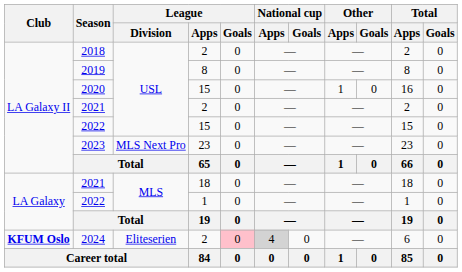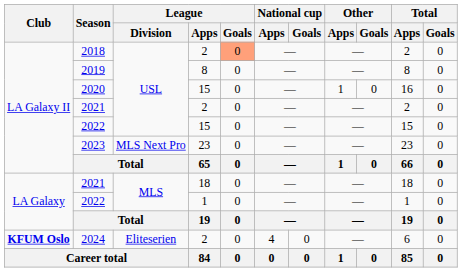 <table class="wikitable" style="text-align: center;">
 <tr>
 <th rowspan=2>Club</th>
 <th rowspan=2>Season</th>
 <th colspan=3>League</th>
 <th colspan=2>National cup</th>
 <th colspan=2>Other</th>
 <th colspan=2>Total</th>
 </tr>
 <tr>
 <th>Division</th>
 <th>Apps</th>
 <th>Goals</th>
 <th>Apps</th>
 <th>Goals</th>
 <th>Apps</th>
 <th>Goals</th>
 <th>Apps</th>
 <th>Goals</th>
 </tr>
 <tr>
 <td rowspan=7><a href='#'>LA Galaxy II</a></td>
 <td><a href='#'>2018</a></td>
 <td rowspan=5><a href='#'>USL</a></td>
 <td>2</td>
-<td>0</td>
+<td style="background: lightsalmon;">0</td>
 <td colspan=2>—</td>
 <td colspan=2>—</td>
 <td>2</td>
 <td>0</td>
 </tr>
 <tr>
 <td><a href='#'>2019</a></td>
 <td>8</td>
 <td>0</td>
 <td colspan=2>—</td>
 <td colspan=2>—</td>
 <td>8</td>
 <td>0</td>
 </tr>
 <tr>
 <td><a href='#'>2020</a></td>
 <td>15</td>
 <td>0</td>
 <td colspan=2>—</td>
 <td>1</td>
 <td>0</td>
 <td>16</td>
 <td>0</td>
 </tr>
 <tr>
 <td><a href='#'>2021</a></td>
 <td>2</td>
 <td>0</td>
 <td colspan=2>—</td>
 <td colspan=2>—</td>
 <td>2</td>
 <td>0</td>
 </tr>
 <tr>
 <td><a href='#'>2022</a></td>
 <td>15</td>
 <td>0</td>
 <td colspan=2>—</td>
 <td colspan=2>—</td>
 <td>15</td>
 <td>0</td>
 </tr>
 <tr>
 <td><a href='#'>2023</a></td>
 <td><a href='#'>MLS Next Pro</a></td>
 <td>23</td>
 <td>0</td>
 <td colspan=2>—</td>
 <td colspan=2>—</td>
 <td>23</td>
 <td>0</td>
 </tr>
 <tr>
 <th colspan=2>Total</th>
 <th>65</th>
 <th>0</th>
 <th colspan=2>—</th>
 <th>1</th>
 <th>0</th>
 <th>66</th>
 <th>0</th>
 </tr>
 <tr>
 <td rowspan=3><a href='#'>LA Galaxy</a></td>
 <td><a href='#'>2021</a></td>
 <td rowspan=2><a href='#'>MLS</a></td>
 <td>18</td>
 <td>0</td>
 <td colspan=2>—</td>
 <td colspan=2>—</td>
 <td>18</td>
 <td>0</td>
 </tr>
 <tr>
 <td><a href='#'>2022</a></td>
 <td>1</td>
 <td>0</td>
 <td colspan=2>—</td>
 <td colspan=2>—</td>
 <td>1</td>
 <td>0</td>
 </tr>
 <tr>
 <th colspan=2>Total</th>
 <th>19</th>
 <th>0</th>
 <th colspan=2>—</th>
 <th colspan=2>—</th>
 <th>19</th>
 <th>0</th>
 </tr>
 <tr>
 <td><strong><a href='#'>KFUM Oslo</a></strong></td>
 <td><a href='#'>2024</a></td>
 <td><a href='#'>Eliteserien</a></td>
 <td>2</td>
-<td style="background: pink;">0</td>
-<td style="background: lightgrey;">4</td>
+<td>0</td>
+<td>4</td>
 <td>0</td>
 <td colspan=2>—</td>
 <td>6</td>
 <td>0</td>
 </tr>
 <tr>
 <th colspan="3">Career total</th>
 <th>84</th>
 <th>0</th>
 <th>0</th>
 <th>0</th>
 <th>1</th>
 <th>0</th>
 <th>85</th>
 <th>0</th>
 </tr>
 </table>
